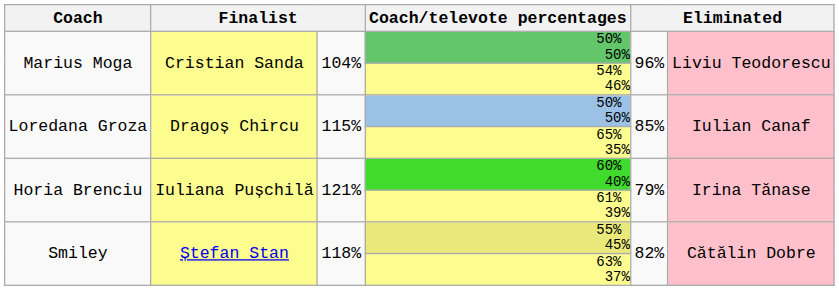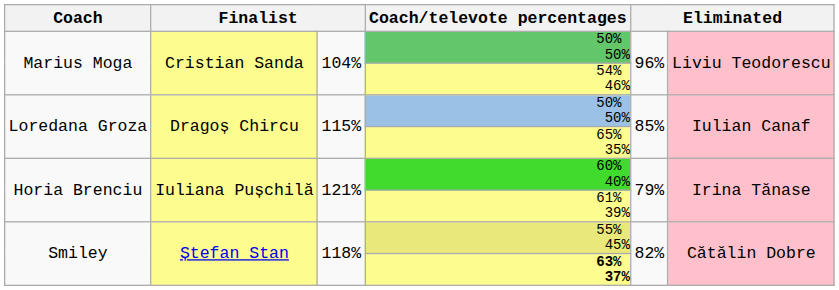 <table class="wikitable" style="text-align:center">
 <tr>
 <th>Coach</th>
 <th colspan="2">Finalist</th>
 <th>Coach/televote percentages</th>
 <th colspan="2">Eliminated</th>
 </tr>
 <tr>
 <td rowspan="2">Marius Moga</td>
 <td bgcolor="#fdfc8f" rowspan="2">Cristian Sanda</td>
 <td rowspan="2">104%</td>
 <td style="padding:0;font-size:85%;text-align:right;background:#63c66b">50% <div> 50%</div></td>
 <td rowspan="2">96%</td>
 <td bgcolor="pink" rowspan="2">Liviu Teodorescu</td>
 </tr>
 <tr>
 <td style="padding:0;font-size:85%;text-align:right;background:#fdfc8f">54% <div> 46%</div></td>
 </tr>
 <tr>
 <td rowspan="2">Loredana Groza</td>
 <td bgcolor="#fdfc8f" rowspan="2">Dragoș Chircu</td>
 <td rowspan="2">115%</td>
 <td style="padding:0;font-size:85%;text-align:right;background:#9bc1e6">50% <div> 50%</div></td>
 <td rowspan="2">85%</td>
 <td bgcolor="pink" rowspan="2">Iulian Canaf</td>
 </tr>
 <tr>
 <td style="padding:0;font-size:85%;text-align:right;background:#fdfc8f">65% <div> 35%</div></td>
 </tr>
 <tr>
 <td rowspan="2">Horia Brenciu</td>
 <td bgcolor="#fdfc8f" rowspan="2">Iuliana Pușchilă</td>
 <td rowspan="2">121%</td>
 <td style="padding:0;font-size:85%;text-align:right;background:#41db2d">60% <div> 40%</div></td>
 <td rowspan="2">79%</td>
 <td bgcolor="pink" rowspan="2">Irina Tănase</td>
 </tr>
 <tr>
 <td style="padding:0;font-size:85%;text-align:right;background:#fdfc8f">61% <div> 39%</div></td>
 </tr>
 <tr>
 <td rowspan="2">Smiley</td>
 <td bgcolor="#fdfc8f" rowspan="2"><a href='#'>Ștefan Stan</a></td>
 <td rowspan="2">118%</td>
 <td style="padding:0;font-size:85%;text-align:right;background:#e9e87b">55% <div> 45%</div></td>
 <td rowspan="2">82%</td>
 <td bgcolor="pink" rowspan="2">Cătălin Dobre</td>
 </tr>
 <tr>
-<td style="padding:0;font-size:85%;text-align:right;background:#fdfc8f">63% <div> 37%</div></td>
+<td style="padding:0;font-size:85%;text-align:right;background:#fdfc8f"><strong>63% <div> 37%</div></strong></td>
 </tr>
 </table>
